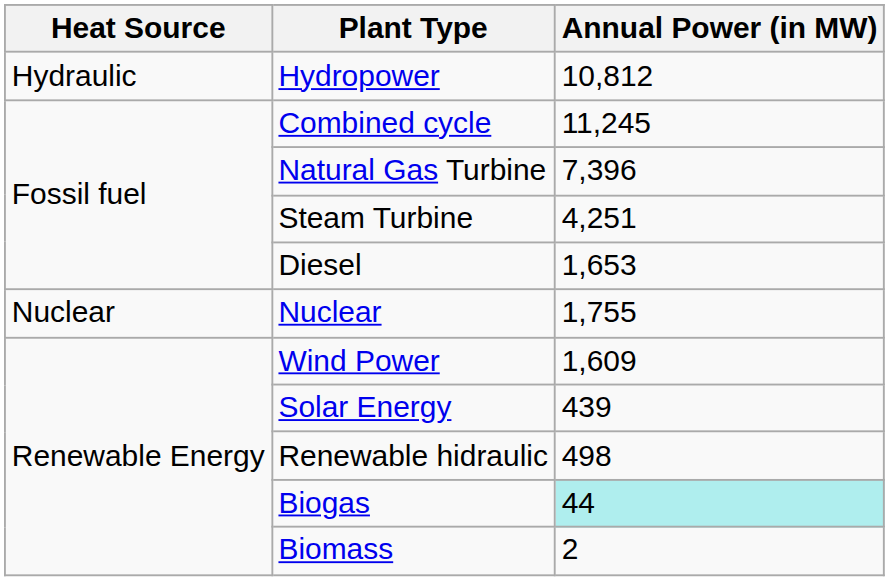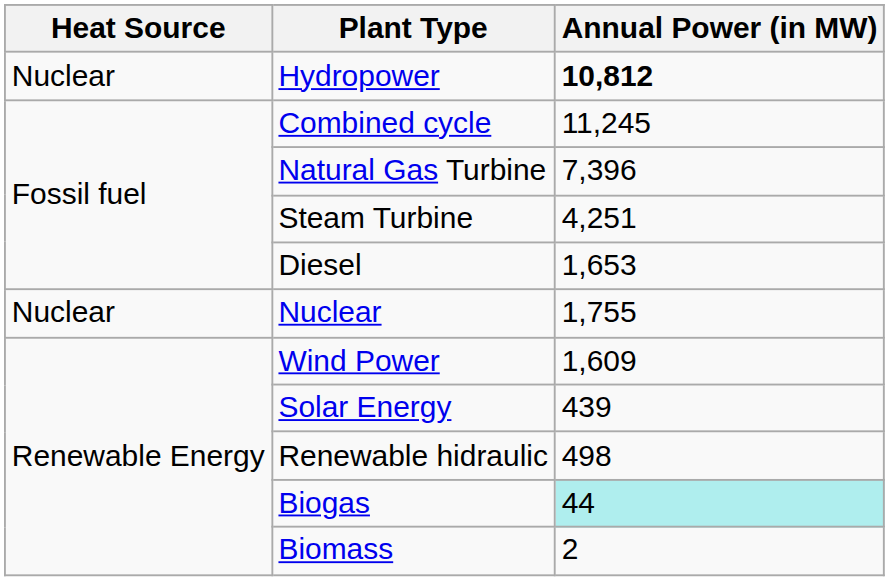 <table class="wikitable">
 <tr>
 <th>Heat Source</th>
 <th>Plant Type</th>
 <th>Annual Power (in MW)</th>
 </tr>
 <tr>
-<td>Hydraulic</td>
+<td>Nuclear</td>
 <td><a href='#'>Hydropower</a></td>
-<td>10,812</td>
+<td><strong>10,812</strong></td>
 </tr>
 <tr>
 <td rowspan="4">Fossil fuel</td>
 <td><a href='#'>Combined cycle</a></td>
 <td>11,245</td>
 </tr>
 <tr>
 <td><a href='#'>Natural Gas</a> Turbine</td>
 <td>7,396</td>
 </tr>
 <tr>
 <td>Steam Turbine</td>
 <td>4,251</td>
 </tr>
 <tr>
 <td>Diesel</td>
 <td>1,653</td>
 </tr>
 <tr>
 <td>Nuclear</td>
 <td><a href='#'>Nuclear</a></td>
 <td>1,755</td>
 </tr>
 <tr>
 <td rowspan="5">Renewable Energy</td>
 <td><a href='#'>Wind Power</a></td>
 <td>1,609</td>
 </tr>
 <tr>
 <td><a href='#'>Solar Energy</a></td>
 <td>439</td>
 </tr>
 <tr>
 <td>Renewable hidraulic</td>
 <td>498</td>
 </tr>
 <tr>
 <td><a href='#'>Biogas</a></td>
 <td style="background: paleturquoise;">44</td>
 </tr>
 <tr>
 <td><a href='#'>Biomass</a></td>
 <td>2</td>
 </tr>
 </table>
